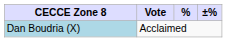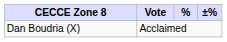 <table class="wikitable">
 <tr>
 <th style="background:#DDDDFF" width="200px">CECCE Zone 8</th>
 <th style="background:#DDDDFF" width="50px">Vote</th>
 <th style="background:#DDDDFF" width="30px">%</th>
 <th style="background:#DDDDFF" width="30px">±%</th>
 </tr>
 <tr>
-<td style="background: lightblue;">Dan Boudria (X)</td>
+<td>Dan Boudria (X)</td>
 <td colspan="3">Acclaimed</td>
 </tr>
 </table>
